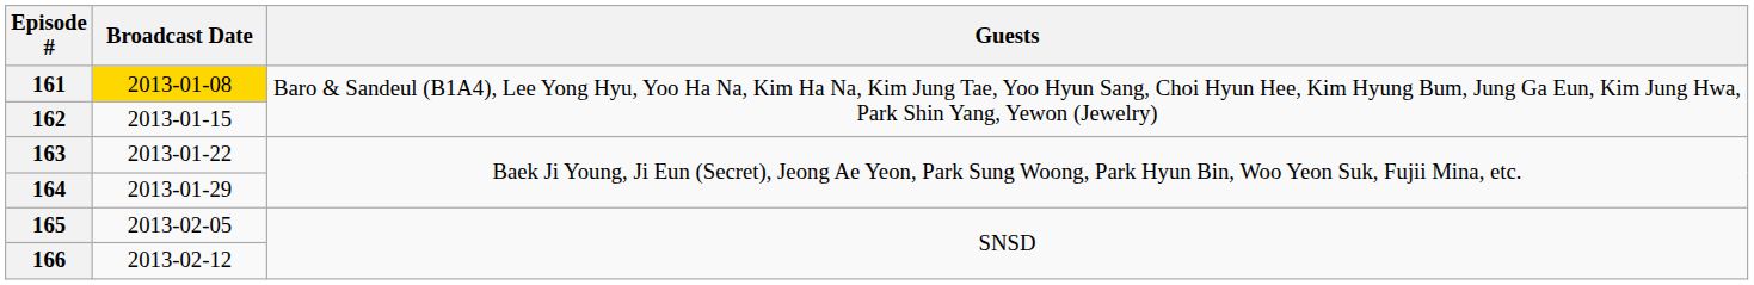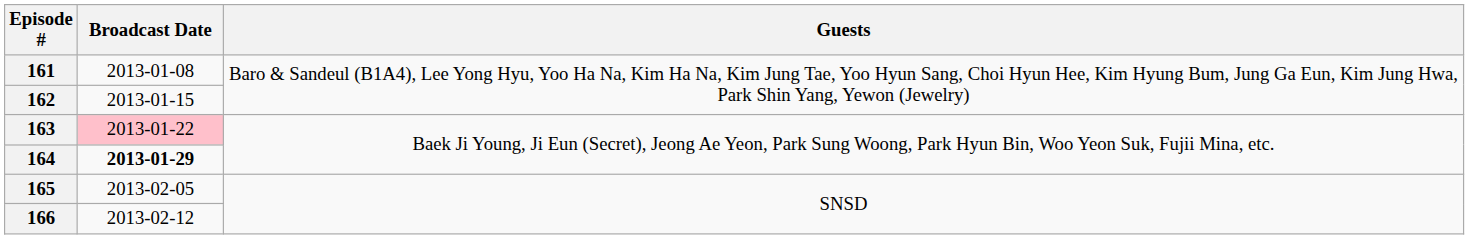 <table class="wikitable" style="text-align: center;">
 <tr>
 <th style="width:5%;">Episode #</th>
 <th style="width:10%;">Broadcast Date</th>
 <th style="width:300%;">Guests</th>
 </tr>
 <tr>
 <th>161</th>
-<td style="background: gold;">2013-01-08</td>
+<td>2013-01-08</td>
 <td rowspan="2">Baro & Sandeul (B1A4), Lee Yong Hyu, Yoo Ha Na, Kim Ha Na, Kim Jung Tae, Yoo Hyun Sang, Choi Hyun Hee, Kim Hyung Bum, Jung Ga Eun, Kim Jung Hwa, Park Shin Yang, Yewon (Jewelry)</td>
 </tr>
 <tr>
 <th>162</th>
 <td>2013-01-15</td>
 </tr>
 <tr>
 <th>163</th>
-<td>2013-01-22</td>
+<td style="background: pink;">2013-01-22</td>
 <td rowspan="2">Baek Ji Young, Ji Eun (Secret), Jeong Ae Yeon, Park Sung Woong, Park Hyun Bin, Woo Yeon Suk, Fujii Mina, etc.</td>
 </tr>
 <tr>
 <th>164</th>
-<td>2013-01-29</td>
+<td><strong>2013-01-29</strong></td>
 </tr>
 <tr>
 <th>165</th>
 <td>2013-02-05</td>
 <td rowspan="2">SNSD</td>
 </tr>
 <tr>
 <th>166</th>
 <td>2013-02-12</td>
 </tr>
 </table>
